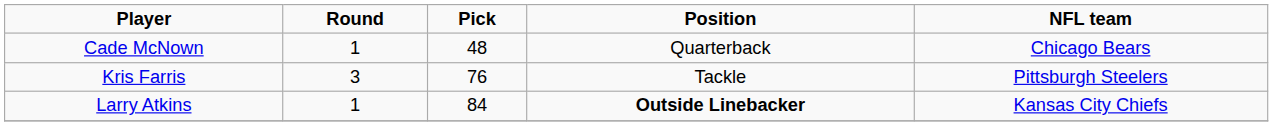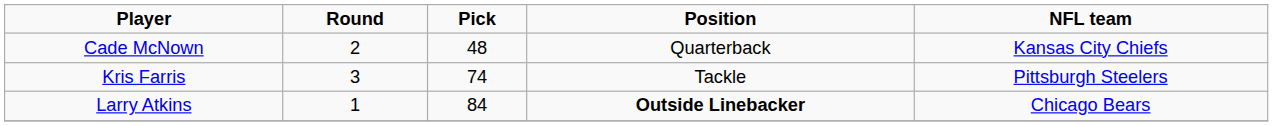 <table class="wikitable" width="70%">
 <tr align="center">
 <td><strong>Player</strong></td>
 <td><strong>Round</strong></td>
 <td><strong>Pick</strong></td>
 <td><strong>Position</strong></td>
 <td><strong>NFL team</strong></td>
 </tr>
 <tr align="center" bgcolor="">
 <td><a href='#'>Cade McNown</a></td>
-<td>1</td>
+<td>2</td>
 <td>48</td>
 <td>Quarterback</td>
-<td><a href='#'>Chicago Bears</a></td>
+<td><a href='#'>Kansas City Chiefs</a></td>
 </tr>
 <tr align="center" bgcolor="">
 <td><a href='#'>Kris Farris</a></td>
 <td>3</td>
-<td>76</td>
+<td>74</td>
 <td>Tackle</td>
 <td><a href='#'>Pittsburgh Steelers</a></td>
 </tr>
 <tr align="center" bgcolor="">
 <td><a href='#'>Larry Atkins</a></td>
 <td>1</td>
 <td>84</td>
 <td><strong>Outside Linebacker</strong></td>
-<td><a href='#'>Kansas City Chiefs</a></td>
+<td><a href='#'>Chicago Bears</a></td>
 </tr>
 <tr>
 </tr>
 </table>
